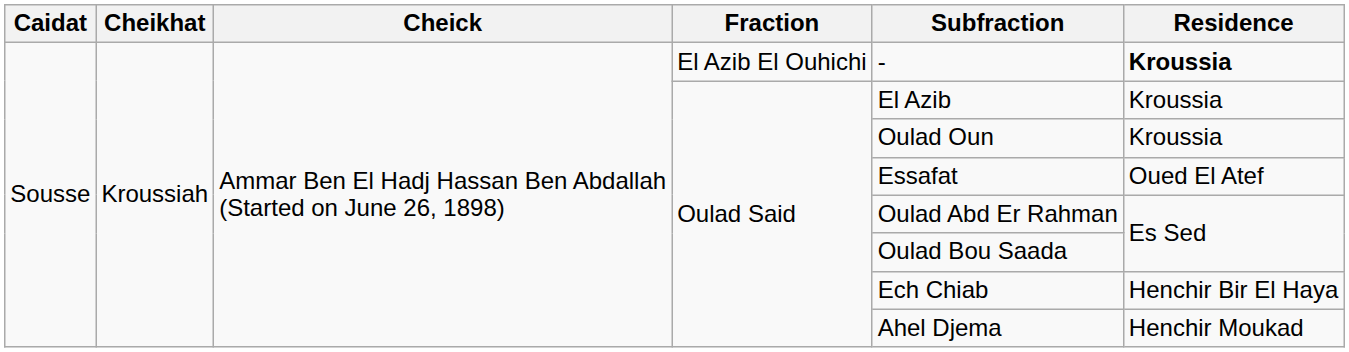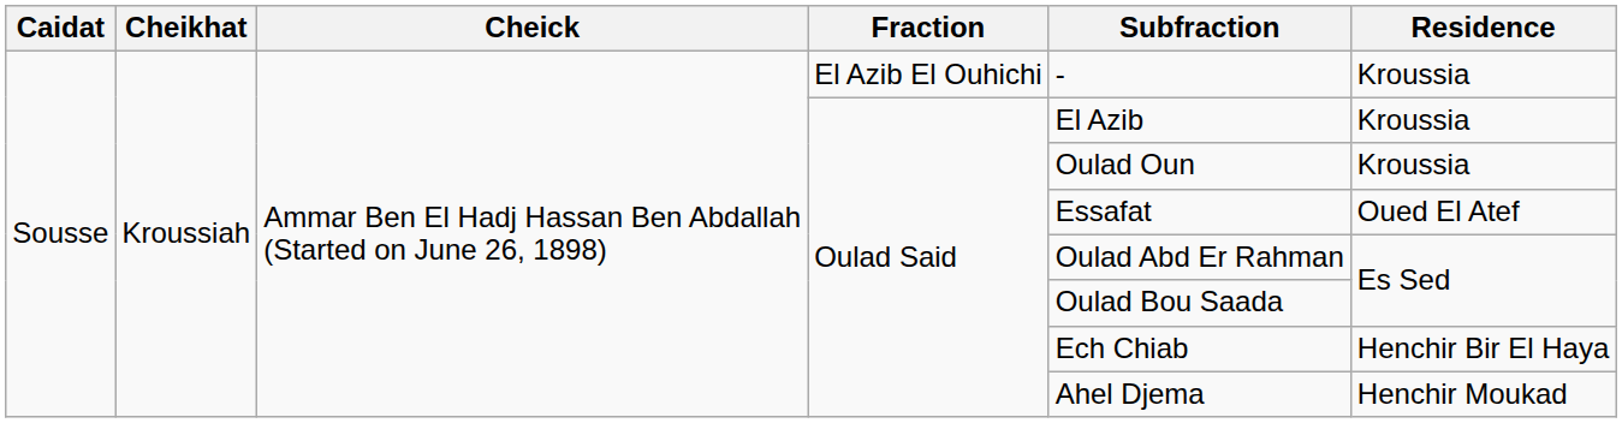 <table class="wikitable">
 <tr>
 <th>Caidat</th>
 <th>Cheikhat</th>
 <th>Cheick</th>
 <th>Fraction</th>
 <th>Subfraction</th>
 <th>Residence</th>
 </tr>
 <tr>
 <td rowspan="8">Sousse</td>
 <td rowspan="8">Kroussiah</td>
 <td rowspan="8">Ammar Ben El Hadj Hassan Ben Abdallah<br>(Started on June 26, 1898)</td>
 <td>El Azib El Ouhichi</td>
 <td>-</td>
-<td><strong>Kroussia</strong></td>
+<td>Kroussia</td>
 </tr>
 <tr>
 <td rowspan="7">Oulad Said</td>
 <td>El Azib</td>
 <td>Kroussia</td>
 </tr>
 <tr>
 <td>Oulad Oun</td>
 <td>Kroussia</td>
 </tr>
 <tr>
 <td>Essafat</td>
 <td>Oued El Atef</td>
 </tr>
 <tr>
 <td>Oulad Abd Er Rahman</td>
 <td rowspan="2">Es Sed</td>
 </tr>
 <tr>
 <td>Oulad Bou Saada</td>
 </tr>
 <tr>
 <td>Ech Chiab</td>
 <td>Henchir Bir El Haya</td>
 </tr>
 <tr>
 <td>Ahel Djema</td>
 <td>Henchir Moukad</td>
 </tr>
 </table>
